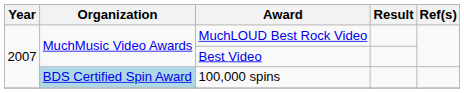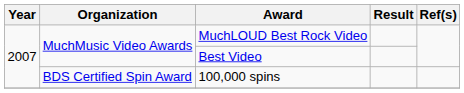 <table class="wikitable plainrowheaders">
 <tr align=center>
 <th scope="col">Year</th>
 <th scope="col">Organization</th>
 <th scope="col">Award</th>
 <th scope="col">Result</th>
 <th scope="col">Ref(s)</th>
 </tr>
 <tr>
 <td rowspan="3">2007</td>
 <td rowspan="2"><a href='#'>MuchMusic Video Awards</a></td>
 <td><a href='#'>MuchLOUD Best Rock Video</a></td>
 <td></td>
 <td style="text-align:center;" rowspan="2"></td>
 </tr>
 <tr>
 <td><a href='#'>Best Video</a></td>
 <td></td>
 </tr>
 <tr>
-<td style="background: lightblue;"><a href='#'>BDS Certified Spin Award</a></td>
+<td><a href='#'>BDS Certified Spin Award</a></td>
 <td>100,000 spins</td>
 <td></td>
 <td style="text-align:center;"></td>
 </tr>
 <tr>
 </tr>
 </table>
